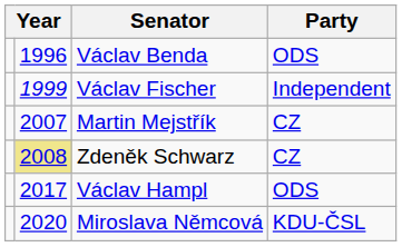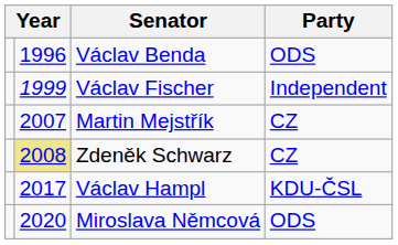 <table class="wikitable">
 <tr>
 <th colspan="2">Year</th>
 <th>Senator</th>
 <th>Party</th>
 </tr>
 <tr>
 <td style="background-color:"></td>
 <td><a href='#'>1996</a></td>
 <td><a href='#'>Václav Benda</a></td>
 <td><a href='#'>ODS</a></td>
 </tr>
 <tr>
 <td style="background-color:"></td>
 <td><em><a href='#'>1999</a></em></td>
 <td><a href='#'>Václav Fischer</a></td>
 <td><a href='#'>Independent</a></td>
 </tr>
 <tr>
 <td style="background-color:"></td>
 <td><a href='#'>2007</a></td>
 <td><a href='#'>Martin Mejstřík</a></td>
 <td><a href='#'>CZ</a></td>
 </tr>
 <tr>
 <td style="background-color:"></td>
 <td style="background: khaki;"><a href='#'>2008</a></td>
 <td>Zdeněk Schwarz</td>
 <td><a href='#'>CZ</a></td>
 </tr>
 <tr>
 <td style="background-color:"></td>
 <td><a href='#'>2017</a></td>
 <td><a href='#'>Václav Hampl</a></td>
-<td><a href='#'>ODS</a></td>
+<td><a href='#'>KDU-ČSL</a></td>
 </tr>
 <tr>
 <td style="background-color:"></td>
 <td><a href='#'>2020</a></td>
 <td><a href='#'>Miroslava Němcová</a></td>
-<td><a href='#'>KDU-ČSL</a></td>
+<td><a href='#'>ODS</a></td>
 </tr>
 </table>
